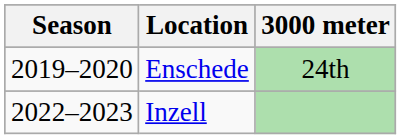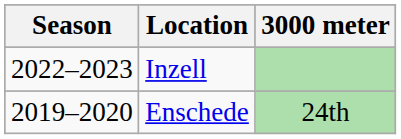 <table class="wikitable" style="display: inline-table;">
 <tr>
 <th>Season</th>
 <th>Location</th>
 <th colspan="1">3000 meter</th>
 </tr>
 <tr style="text-align:center">
+<td>2022–2023</td>
+<td align=left> <a href='#'>Inzell</a></td>
+<td style="background:#addfad;"></td>
+</tr>
+<tr style="text-align:center">
 <td rowspan=1>2019–2020</td>
 <td align=left> <a href='#'>Enschede</a></td>
 <td style="background:#addfad;">24th</td>
 </tr>
-<tr style="text-align:center">
-<td>2022–2023</td>
-<td align=left> <a href='#'>Inzell</a></td>
-<td style="background:#addfad;"></td>
-</tr>
 </table>
